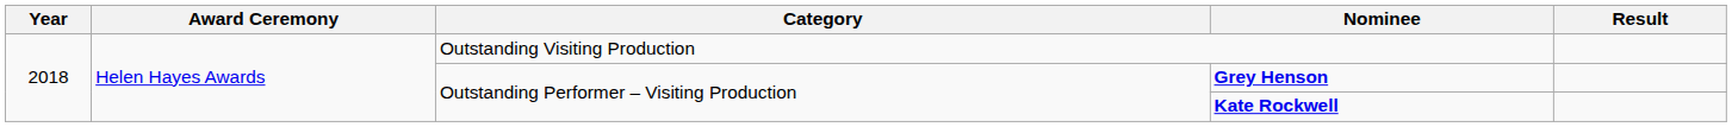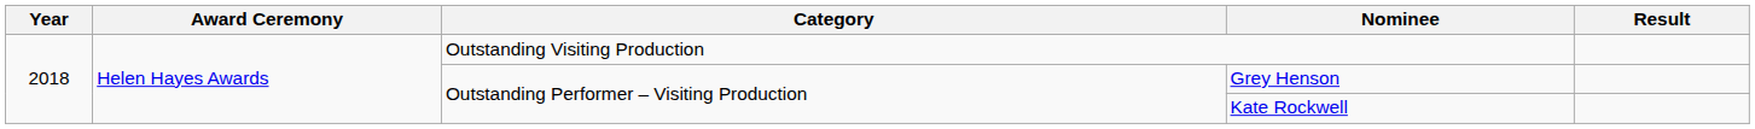 <table class="wikitable" width="95%">
 <tr>
 <th width="5%">Year</th>
 <th width="20%">Award Ceremony</th>
 <th width="45%">Category</th>
 <th width="20%">Nominee</th>
 <th width="10%">Result</th>
 </tr>
 <tr>
 <td rowspan="3" align="center">2018</td>
 <td rowspan="3"><a href='#'>Helen Hayes Awards</a></td>
 <td rowspan="1" colspan="2">Outstanding Visiting Production</td>
 <td></td>
 </tr>
 <tr>
 <td rowspan="2">Outstanding Performer – Visiting Production</td>
-<td rowspan="1"><strong><a href='#'>Grey Henson</a></strong></td>
+<td rowspan="1"><a href='#'>Grey Henson</a></td>
 <td></td>
 </tr>
 <tr>
-<td rowspan="1"><strong><a href='#'>Kate Rockwell</a></strong></td>
+<td rowspan="1"><a href='#'>Kate Rockwell</a></td>
 <td></td>
 </tr>
 </table>
